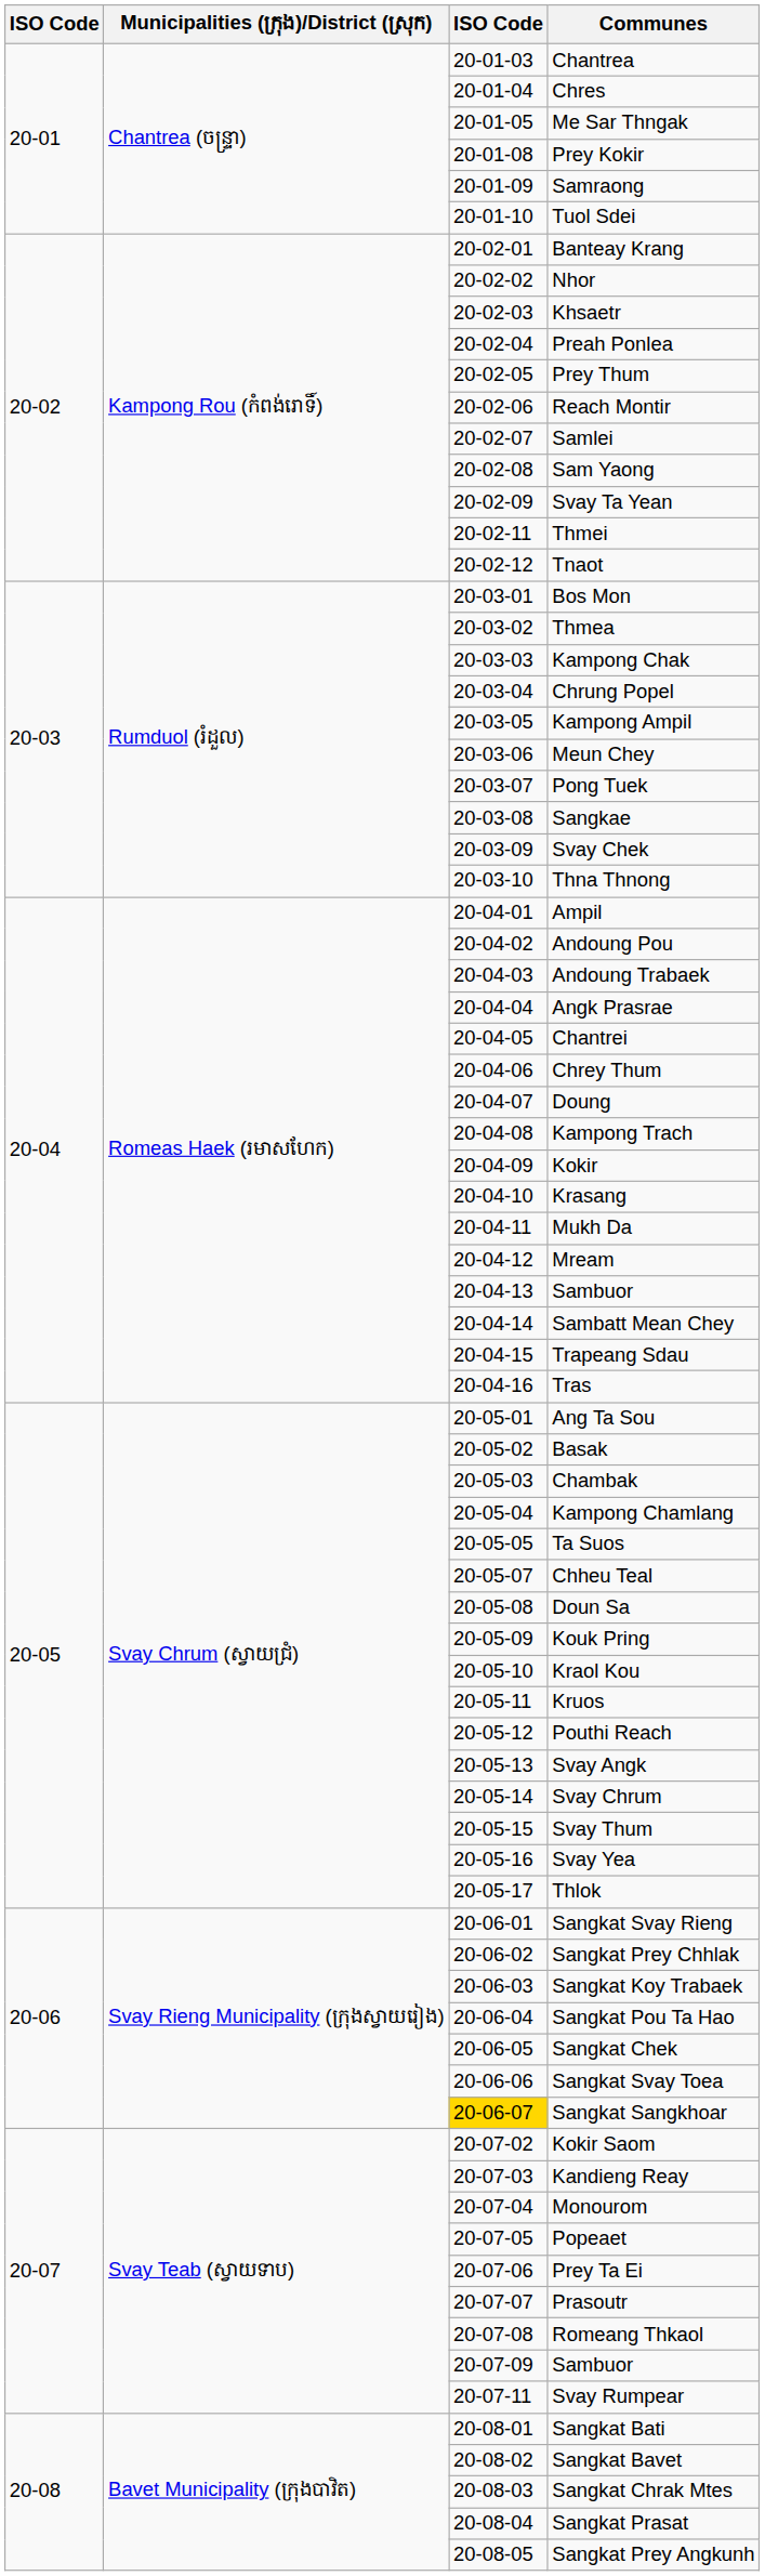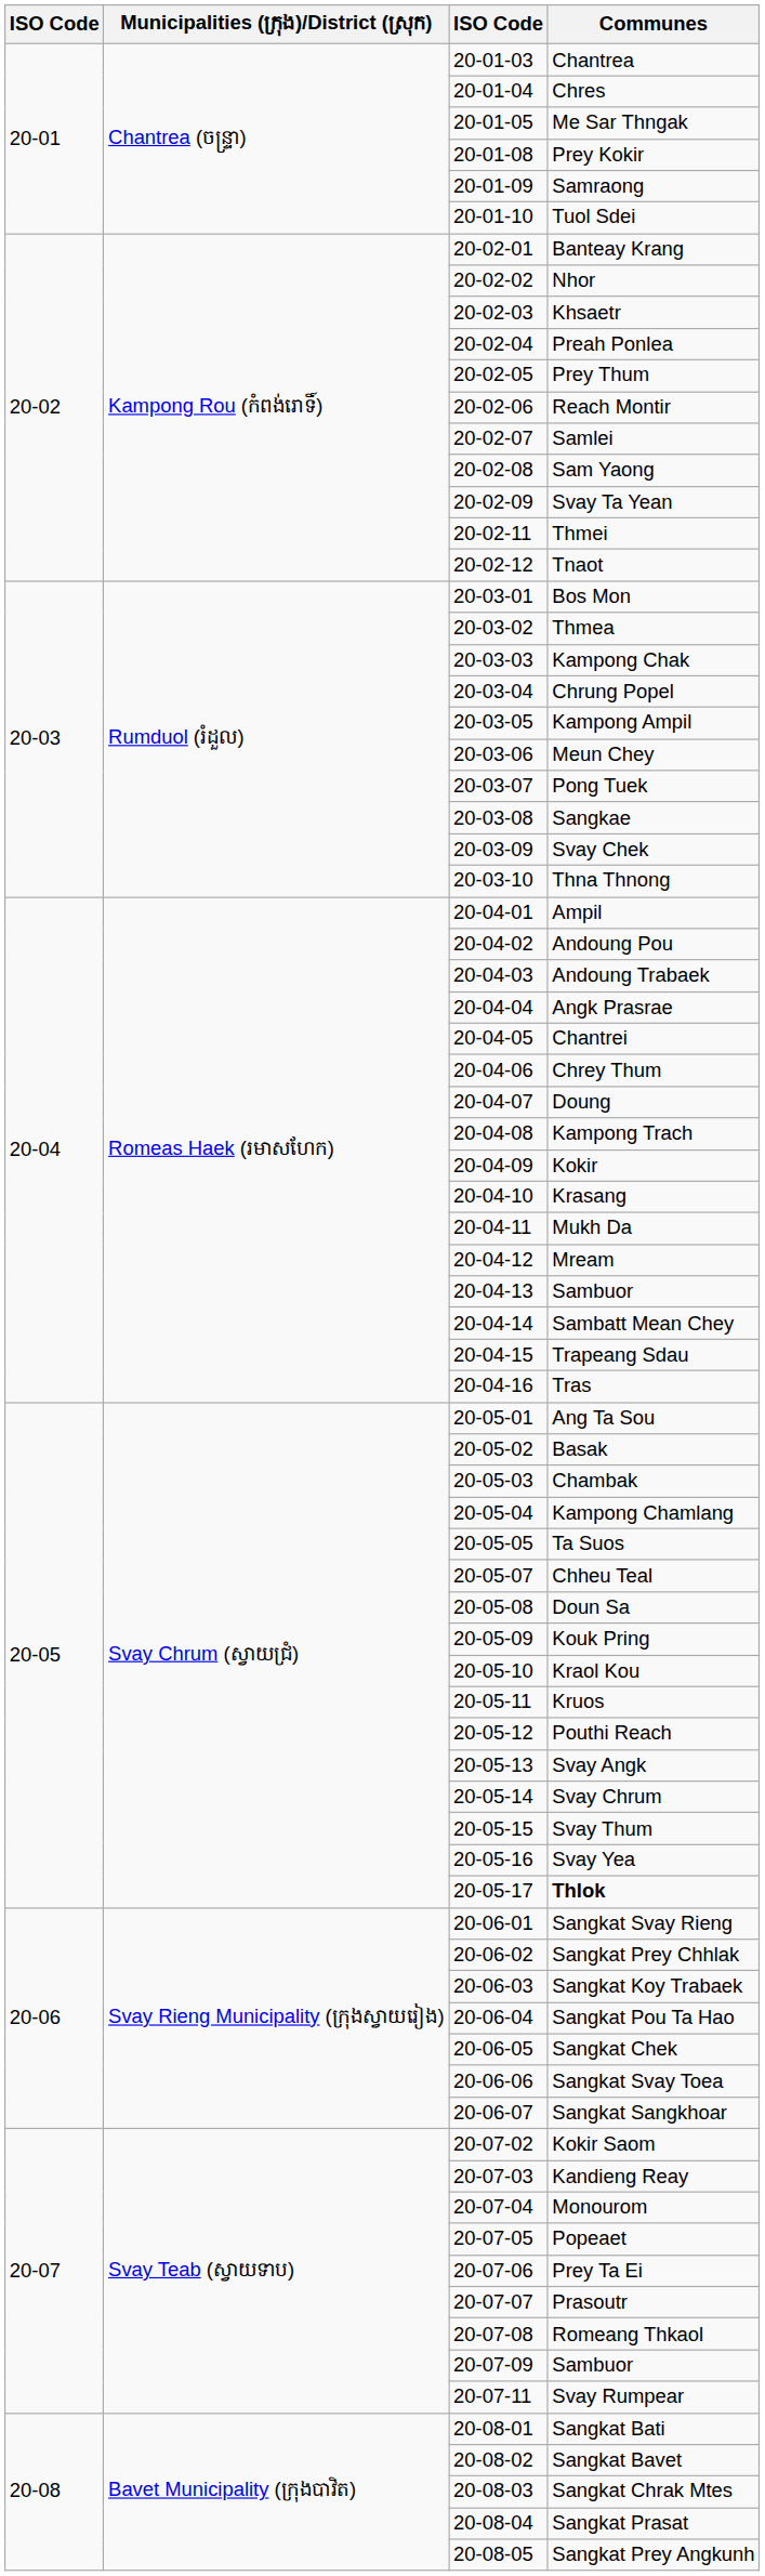 <table class="wikitable">
 <tr>
 <th>ISO Code</th>
 <th>Municipalities (ក្រុង)/District (ស្រុក)</th>
 <th>ISO Code</th>
 <th>Communes</th>
 </tr>
 <tr>
 <td rowspan="6">20-01</td>
 <td rowspan="6"><a href='#'>Chantrea</a> (ចន្រ្ទា)</td>
 <td>20-01-03</td>
 <td>Chantrea</td>
 </tr>
 <tr>
 <td>20-01-04</td>
 <td>Chres</td>
 </tr>
 <tr>
 <td>20-01-05</td>
 <td>Me Sar Thngak</td>
 </tr>
 <tr>
 <td>20-01-08</td>
 <td>Prey Kokir</td>
 </tr>
 <tr>
 <td>20-01-09</td>
 <td>Samraong</td>
 </tr>
 <tr>
 <td>20-01-10</td>
 <td>Tuol Sdei</td>
 </tr>
 <tr>
 <td rowspan="11">20-02</td>
 <td rowspan="11"><a href='#'>Kampong Rou</a> (កំពង់រោទិ៍)</td>
 <td>20-02-01</td>
 <td>Banteay Krang</td>
 </tr>
 <tr>
 <td>20-02-02</td>
 <td>Nhor</td>
 </tr>
 <tr>
 <td>20-02-03</td>
 <td>Khsaetr</td>
 </tr>
 <tr>
 <td>20-02-04</td>
 <td>Preah Ponlea</td>
 </tr>
 <tr>
 <td>20-02-05</td>
 <td>Prey Thum</td>
 </tr>
 <tr>
 <td>20-02-06</td>
 <td>Reach Montir</td>
 </tr>
 <tr>
 <td>20-02-07</td>
 <td>Samlei</td>
 </tr>
 <tr>
 <td>20-02-08</td>
 <td>Sam Yaong</td>
 </tr>
 <tr>
 <td>20-02-09</td>
 <td>Svay Ta Yean</td>
 </tr>
 <tr>
 <td>20-02-11</td>
 <td>Thmei</td>
 </tr>
 <tr>
 <td>20-02-12</td>
 <td>Tnaot</td>
 </tr>
 <tr>
 <td rowspan="10">20-03</td>
 <td rowspan="10"><a href='#'>Rumduol</a> (រំដួល)</td>
 <td>20-03-01</td>
 <td>Bos Mon</td>
 </tr>
 <tr>
 <td>20-03-02</td>
 <td>Thmea</td>
 </tr>
 <tr>
 <td>20-03-03</td>
 <td>Kampong Chak</td>
 </tr>
 <tr>
 <td>20-03-04</td>
 <td>Chrung Popel</td>
 </tr>
 <tr>
 <td>20-03-05</td>
 <td>Kampong Ampil</td>
 </tr>
 <tr>
 <td>20-03-06</td>
 <td>Meun Chey</td>
 </tr>
 <tr>
 <td>20-03-07</td>
 <td>Pong Tuek</td>
 </tr>
 <tr>
 <td>20-03-08</td>
 <td>Sangkae</td>
 </tr>
 <tr>
 <td>20-03-09</td>
 <td>Svay Chek</td>
 </tr>
 <tr>
 <td>20-03-10</td>
 <td>Thna Thnong</td>
 </tr>
 <tr>
 <td rowspan="16">20-04</td>
 <td rowspan="16"><a href='#'>Romeas Haek</a> (រមាសហែក)</td>
 <td>20-04-01</td>
 <td>Ampil</td>
 </tr>
 <tr>
 <td>20-04-02</td>
 <td>Andoung Pou</td>
 </tr>
 <tr>
 <td>20-04-03</td>
 <td>Andoung Trabaek</td>
 </tr>
 <tr>
 <td>20-04-04</td>
 <td>Angk Prasrae</td>
 </tr>
 <tr>
 <td>20-04-05</td>
 <td>Chantrei</td>
 </tr>
 <tr>
 <td>20-04-06</td>
 <td>Chrey Thum</td>
 </tr>
 <tr>
 <td>20-04-07</td>
 <td>Doung</td>
 </tr>
 <tr>
 <td>20-04-08</td>
 <td>Kampong Trach</td>
 </tr>
 <tr>
 <td>20-04-09</td>
 <td>Kokir</td>
 </tr>
 <tr>
 <td>20-04-10</td>
 <td>Krasang</td>
 </tr>
 <tr>
 <td>20-04-11</td>
 <td>Mukh Da</td>
 </tr>
 <tr>
 <td>20-04-12</td>
 <td>Mream</td>
 </tr>
 <tr>
 <td>20-04-13</td>
 <td>Sambuor</td>
 </tr>
 <tr>
 <td>20-04-14</td>
 <td>Sambatt Mean Chey</td>
 </tr>
 <tr>
 <td>20-04-15</td>
 <td>Trapeang Sdau</td>
 </tr>
 <tr>
 <td>20-04-16</td>
 <td>Tras</td>
 </tr>
 <tr>
 <td rowspan="16">20-05</td>
 <td rowspan="16"><a href='#'>Svay Chrum</a> (ស្វាយជ្រំ)</td>
 <td>20-05-01</td>
 <td>Ang Ta Sou</td>
 </tr>
 <tr>
 <td>20-05-02</td>
 <td>Basak</td>
 </tr>
 <tr>
 <td>20-05-03</td>
 <td>Chambak</td>
 </tr>
 <tr>
 <td>20-05-04</td>
 <td>Kampong Chamlang</td>
 </tr>
 <tr>
 <td>20-05-05</td>
 <td>Ta Suos</td>
 </tr>
 <tr>
 <td>20-05-07</td>
 <td>Chheu Teal</td>
 </tr>
 <tr>
 <td>20-05-08</td>
 <td>Doun Sa</td>
 </tr>
 <tr>
 <td>20-05-09</td>
 <td>Kouk Pring</td>
 </tr>
 <tr>
 <td>20-05-10</td>
 <td>Kraol Kou</td>
 </tr>
 <tr>
 <td>20-05-11</td>
 <td>Kruos</td>
 </tr>
 <tr>
 <td>20-05-12</td>
 <td>Pouthi Reach</td>
 </tr>
 <tr>
 <td>20-05-13</td>
 <td>Svay Angk</td>
 </tr>
 <tr>
 <td>20-05-14</td>
 <td>Svay Chrum</td>
 </tr>
 <tr>
 <td>20-05-15</td>
 <td>Svay Thum</td>
 </tr>
 <tr>
 <td>20-05-16</td>
 <td>Svay Yea</td>
 </tr>
 <tr>
 <td>20-05-17</td>
-<td>Thlok</td>
+<td><strong>Thlok</strong></td>
 </tr>
 <tr>
 <td rowspan="7">20-06</td>
 <td rowspan="7"><a href='#'>Svay Rieng Municipality</a> (ក្រុងស្វាយរៀង)</td>
 <td>20-06-01</td>
 <td>Sangkat Svay Rieng</td>
 </tr>
 <tr>
 <td>20-06-02</td>
 <td>Sangkat Prey Chhlak</td>
 </tr>
 <tr>
 <td>20-06-03</td>
 <td>Sangkat Koy Trabaek</td>
 </tr>
 <tr>
 <td>20-06-04</td>
 <td>Sangkat Pou Ta Hao</td>
 </tr>
 <tr>
 <td>20-06-05</td>
 <td>Sangkat Chek</td>
 </tr>
 <tr>
 <td>20-06-06</td>
 <td>Sangkat Svay Toea</td>
 </tr>
 <tr>
-<td style="background: gold;">20-06-07</td>
+<td>20-06-07</td>
 <td>Sangkat Sangkhoar</td>
 </tr>
 <tr>
 <td rowspan="9">20-07</td>
 <td rowspan="9"><a href='#'>Svay Teab</a> (ស្វាយទាប)</td>
 <td>20-07-02</td>
 <td>Kokir Saom</td>
 </tr>
 <tr>
 <td>20-07-03</td>
 <td>Kandieng Reay</td>
 </tr>
 <tr>
 <td>20-07-04</td>
 <td>Monourom</td>
 </tr>
 <tr>
 <td>20-07-05</td>
 <td>Popeaet</td>
 </tr>
 <tr>
 <td>20-07-06</td>
 <td>Prey Ta Ei</td>
 </tr>
 <tr>
 <td>20-07-07</td>
 <td>Prasoutr</td>
 </tr>
 <tr>
 <td>20-07-08</td>
 <td>Romeang Thkaol</td>
 </tr>
 <tr>
 <td>20-07-09</td>
 <td>Sambuor</td>
 </tr>
 <tr>
 <td>20-07-11</td>
 <td>Svay Rumpear</td>
 </tr>
 <tr>
 <td rowspan="5">20-08</td>
 <td rowspan="5"><a href='#'>Bavet Municipality</a> (ក្រុងបាវិត)</td>
 <td>20-08-01</td>
 <td>Sangkat Bati</td>
 </tr>
 <tr>
 <td>20-08-02</td>
 <td>Sangkat Bavet</td>
 </tr>
 <tr>
 <td>20-08-03</td>
 <td>Sangkat Chrak Mtes</td>
 </tr>
 <tr>
 <td>20-08-04</td>
 <td>Sangkat Prasat</td>
 </tr>
 <tr>
 <td>20-08-05</td>
 <td>Sangkat Prey Angkunh</td>
 </tr>
 </table>
